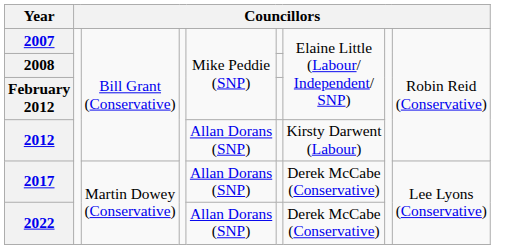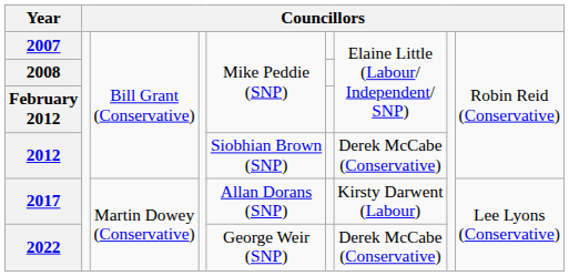 <table class="wikitable" style="text-align:center">
 <tr>
 <th>Year</th>
 <th colspan=8>Councillors</th>
 </tr>
 <tr>
 <th><a href='#'>2007</a></th>
 <td rowspan=6; style="background-color: "></td>
 <td rowspan=4><a href='#'>Bill Grant</a><br>(<a href='#'>Conservative</a>)</td>
 <td rowspan=6; style="background-color: "></td>
 <td rowspan=3>Mike Peddie<br>(<a href='#'>SNP</a>)</td>
 <td style="background-color: "></td>
 <td rowspan=3>Elaine Little<br>(<a href='#'>Labour</a>/<br><a href='#'>Independent</a>/<br><a href='#'>SNP</a>)</td>
 <td rowspan=6; style="background-color: "></td>
 <td rowspan=4>Robin Reid<br>(<a href='#'>Conservative</a>)</td>
 </tr>
 <tr>
 <th>2008</th>
 <td style="background-color: "></td>
 </tr>
 <tr>
 <th>February<br>2012</th>
 <td style="background-color: "></td>
 </tr>
 <tr>
 <th><a href='#'>2012</a></th>
-<td><a href='#'>Allan Dorans</a><br>(<a href='#'>SNP</a>)</td>
+<td><a href='#'>Siobhian Brown</a><br>(<a href='#'>SNP</a>)</td>
 <td style="background-color: "></td>
-<td>Kirsty Darwent<br>(<a href='#'>Labour</a>)</td>
+<td>Derek McCabe<br>(<a href='#'>Conservative</a>)</td>
 </tr>
 <tr>
 <th><a href='#'>2017</a></th>
 <td rowspan=2>Martin Dowey<br>(<a href='#'>Conservative</a>)</td>
 <td><a href='#'>Allan Dorans</a><br>(<a href='#'>SNP</a>)</td>
 <td style="background-color: "></td>
-<td>Derek McCabe<br>(<a href='#'>Conservative</a>)</td>
+<td>Kirsty Darwent<br>(<a href='#'>Labour</a>)</td>
 <td rowspan=2>Lee Lyons<br>(<a href='#'>Conservative</a>)</td>
 </tr>
 <tr>
 <th><a href='#'>2022</a></th>
-<td><a href='#'>Allan Dorans</a><br>(<a href='#'>SNP</a>)</td>
+<td>George Weir<br>(<a href='#'>SNP</a>)</td>
 <td style="background-color: "></td>
 <td>Derek McCabe<br>(<a href='#'>Conservative</a>)</td>
 </tr>
 </table>
